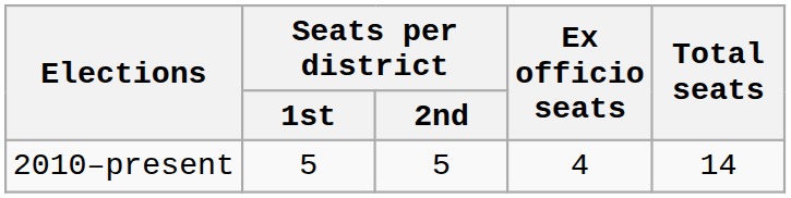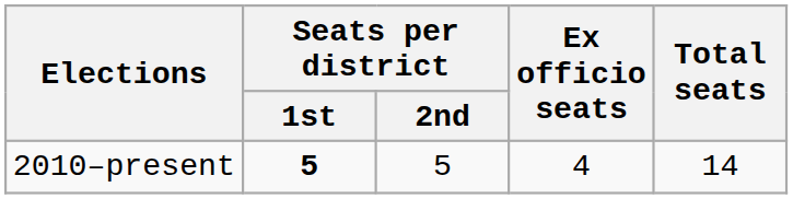 <table class="wikitable" style="text-align:center;">
 <tr>
 <th rowspan="2">Elections</th>
 <th colspan="2">Seats per district</th>
 <th rowspan="2" width="50px">Ex officio seats</th>
 <th rowspan="2" width="50px">Total seats</th>
 </tr>
 <tr>
 <th width="50px">1st</th>
 <th width="50px">2nd</th>
 </tr>
 <tr>
 <td>2010–present</td>
-<td>5</td>
+<td><strong>5</strong></td>
 <td>5</td>
 <td>4</td>
 <td>14</td>
 </tr>
 </table>
